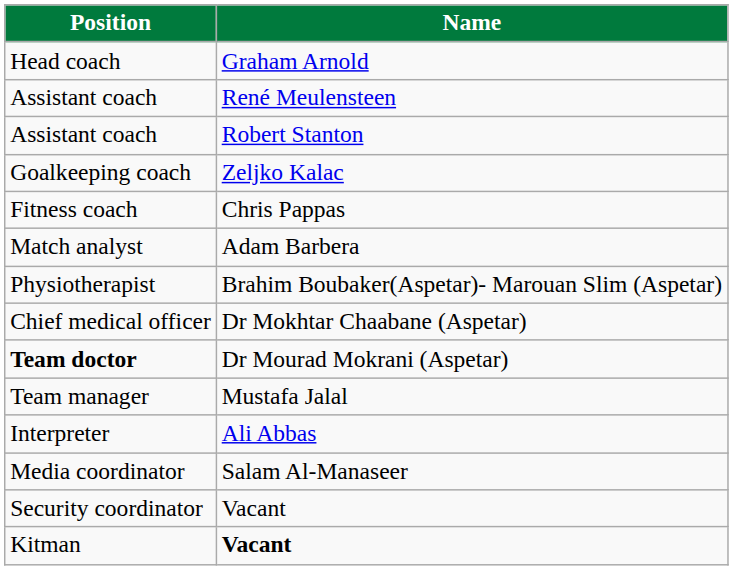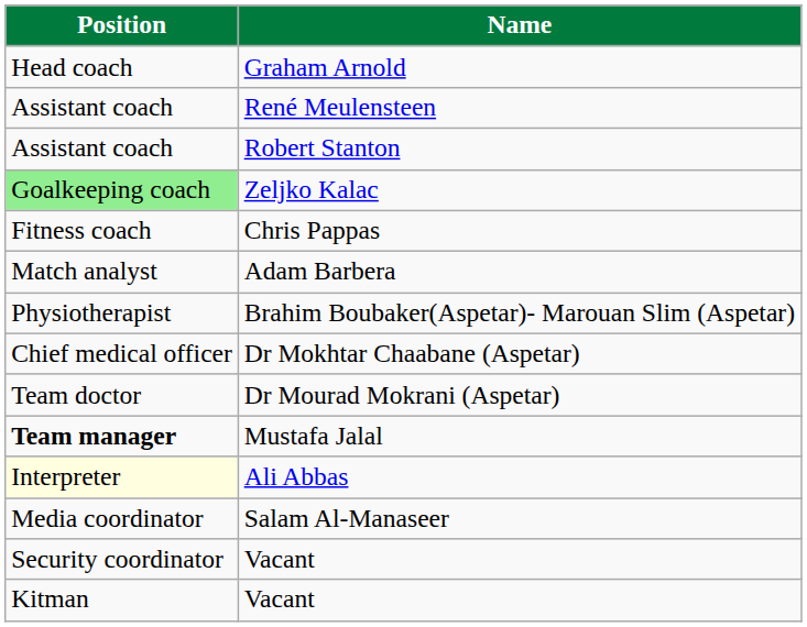 <table class="wikitable">
 <tr>
 <th style="background: #007A3D; color: #FFFFFF;">Position</th>
 <th style="background: #007A3D; color: #FFFFFF;">Name</th>
 </tr>
 <tr>
 <td>Head coach</td>
 <td> <a href='#'>Graham Arnold</a></td>
 </tr>
 <tr>
 <td>Assistant coach</td>
 <td> <a href='#'>René Meulensteen</a></td>
 </tr>
 <tr>
 <td>Assistant coach</td>
 <td> <a href='#'>Robert Stanton</a></td>
 </tr>
 <tr>
-<td>Goalkeeping coach</td>
+<td style="background: lightgreen;">Goalkeeping coach</td>
 <td> <a href='#'>Zeljko Kalac</a></td>
 </tr>
 <tr>
 <td>Fitness coach</td>
 <td> Chris Pappas</td>
 </tr>
 <tr>
 <td>Match analyst</td>
 <td> Adam Barbera</td>
 </tr>
 <tr>
 <td>Physiotherapist</td>
 <td>Brahim Boubaker(Aspetar)- Marouan Slim (Aspetar)</td>
 </tr>
 <tr>
 <td>Chief medical officer</td>
 <td>Dr Mokhtar Chaabane (Aspetar)</td>
 </tr>
 <tr>
-<td><strong>Team doctor</strong></td>
+<td>Team doctor</td>
 <td>Dr Mourad Mokrani (Aspetar)</td>
 </tr>
 <tr>
-<td>Team manager</td>
+<td><strong>Team manager</strong></td>
 <td> Mustafa Jalal</td>
 </tr>
 <tr>
-<td>Interpreter</td>
+<td style="background: lightyellow;">Interpreter</td>
 <td> <a href='#'>Ali Abbas</a></td>
 </tr>
 <tr>
 <td>Media coordinator</td>
 <td> Salam Al-Manaseer</td>
 </tr>
 <tr>
 <td>Security coordinator</td>
 <td>Vacant</td>
 </tr>
 <tr>
 <td>Kitman</td>
-<td><strong>Vacant</strong></td>
+<td>Vacant</td>
 </tr>
 </table>
